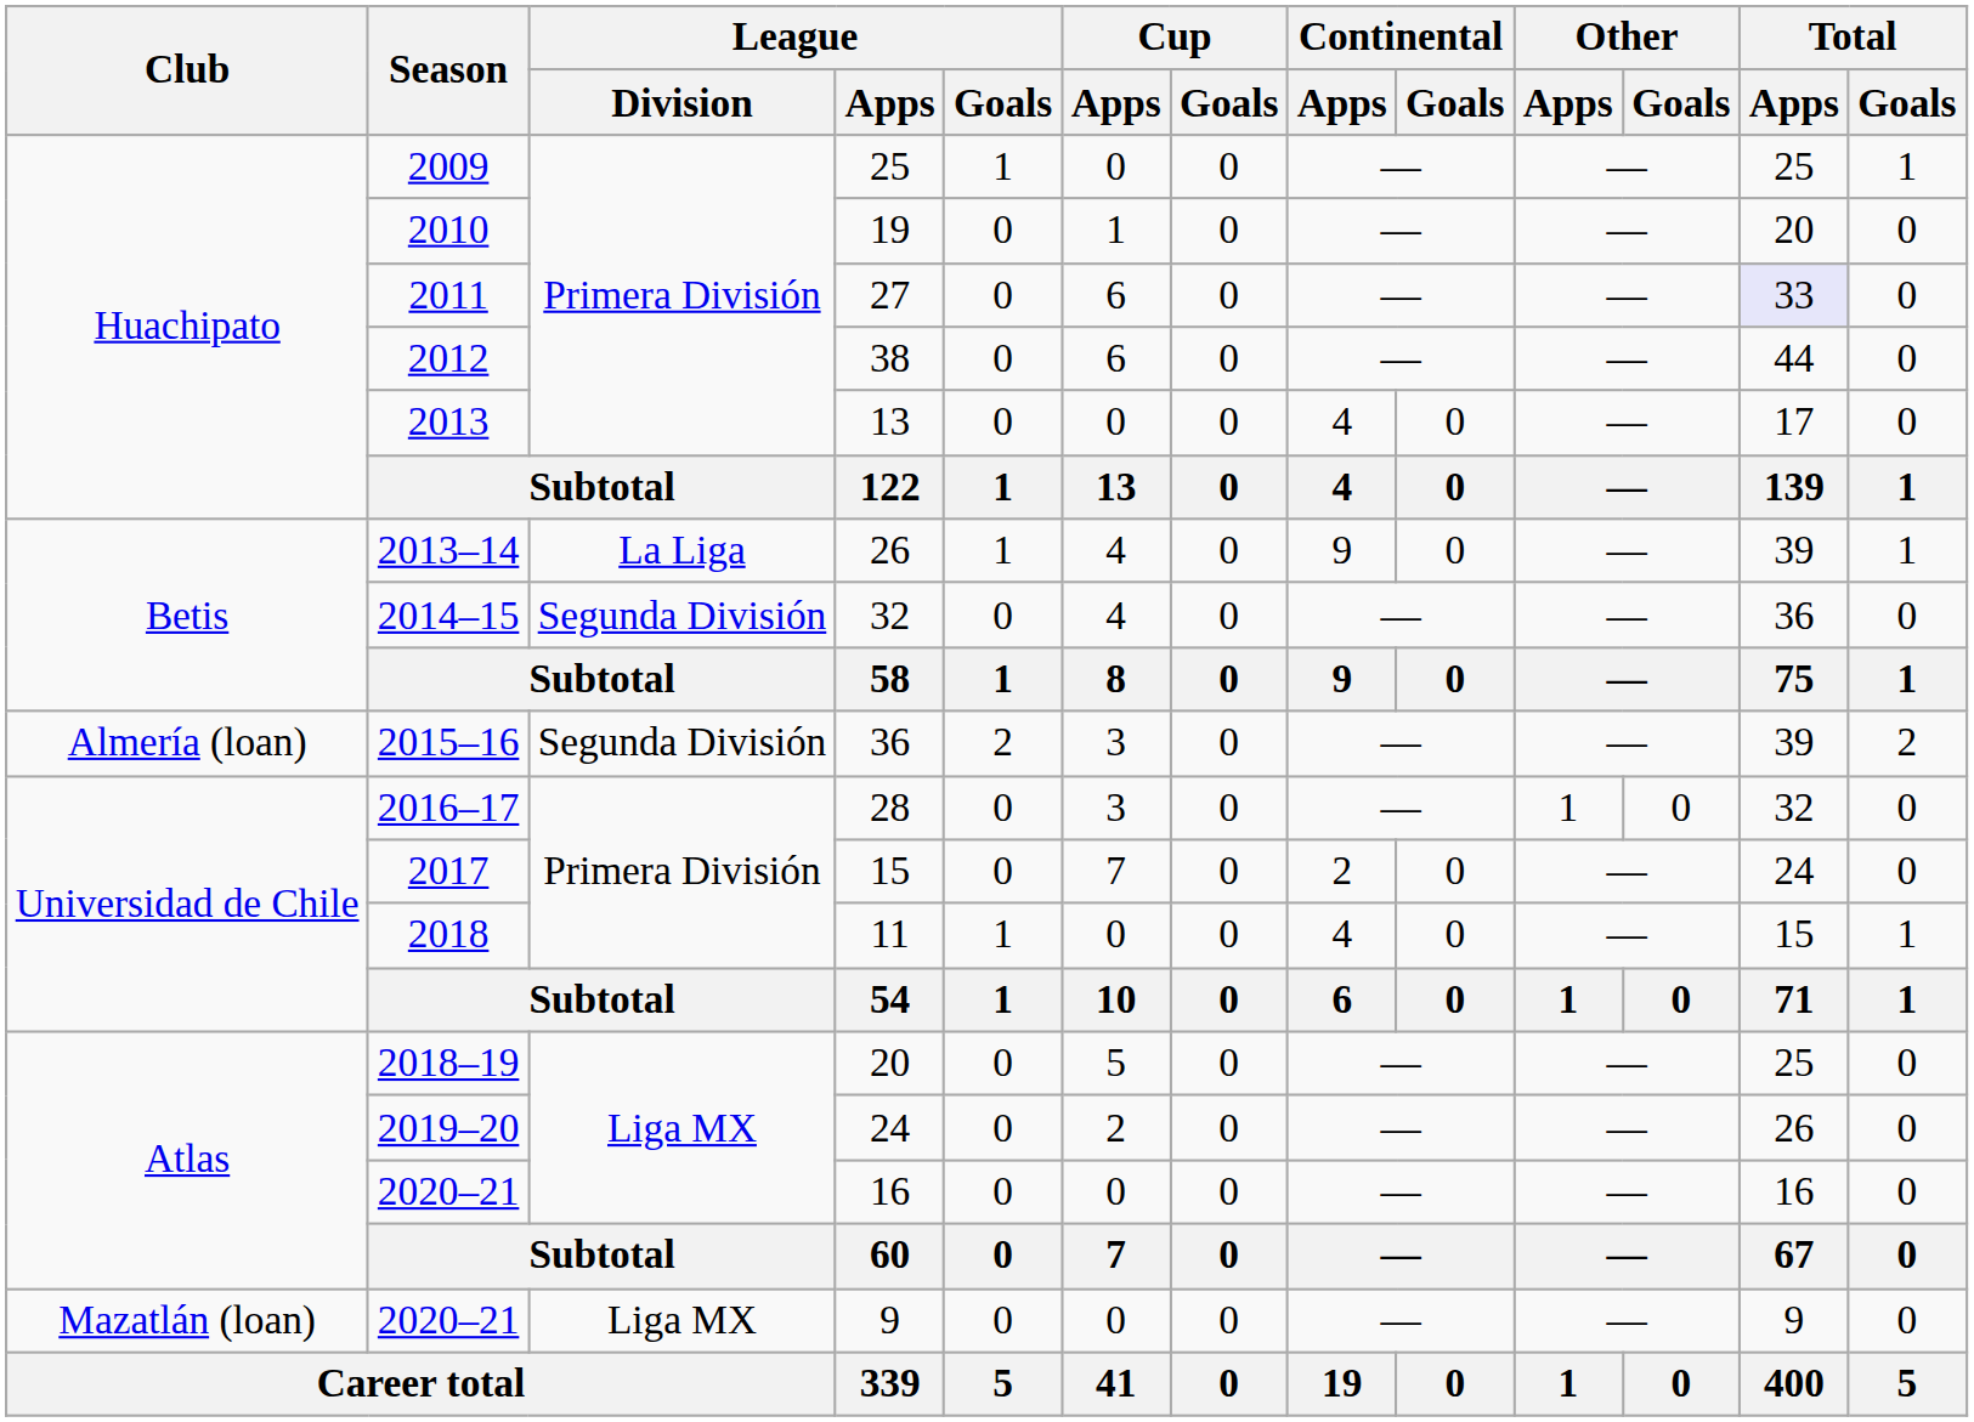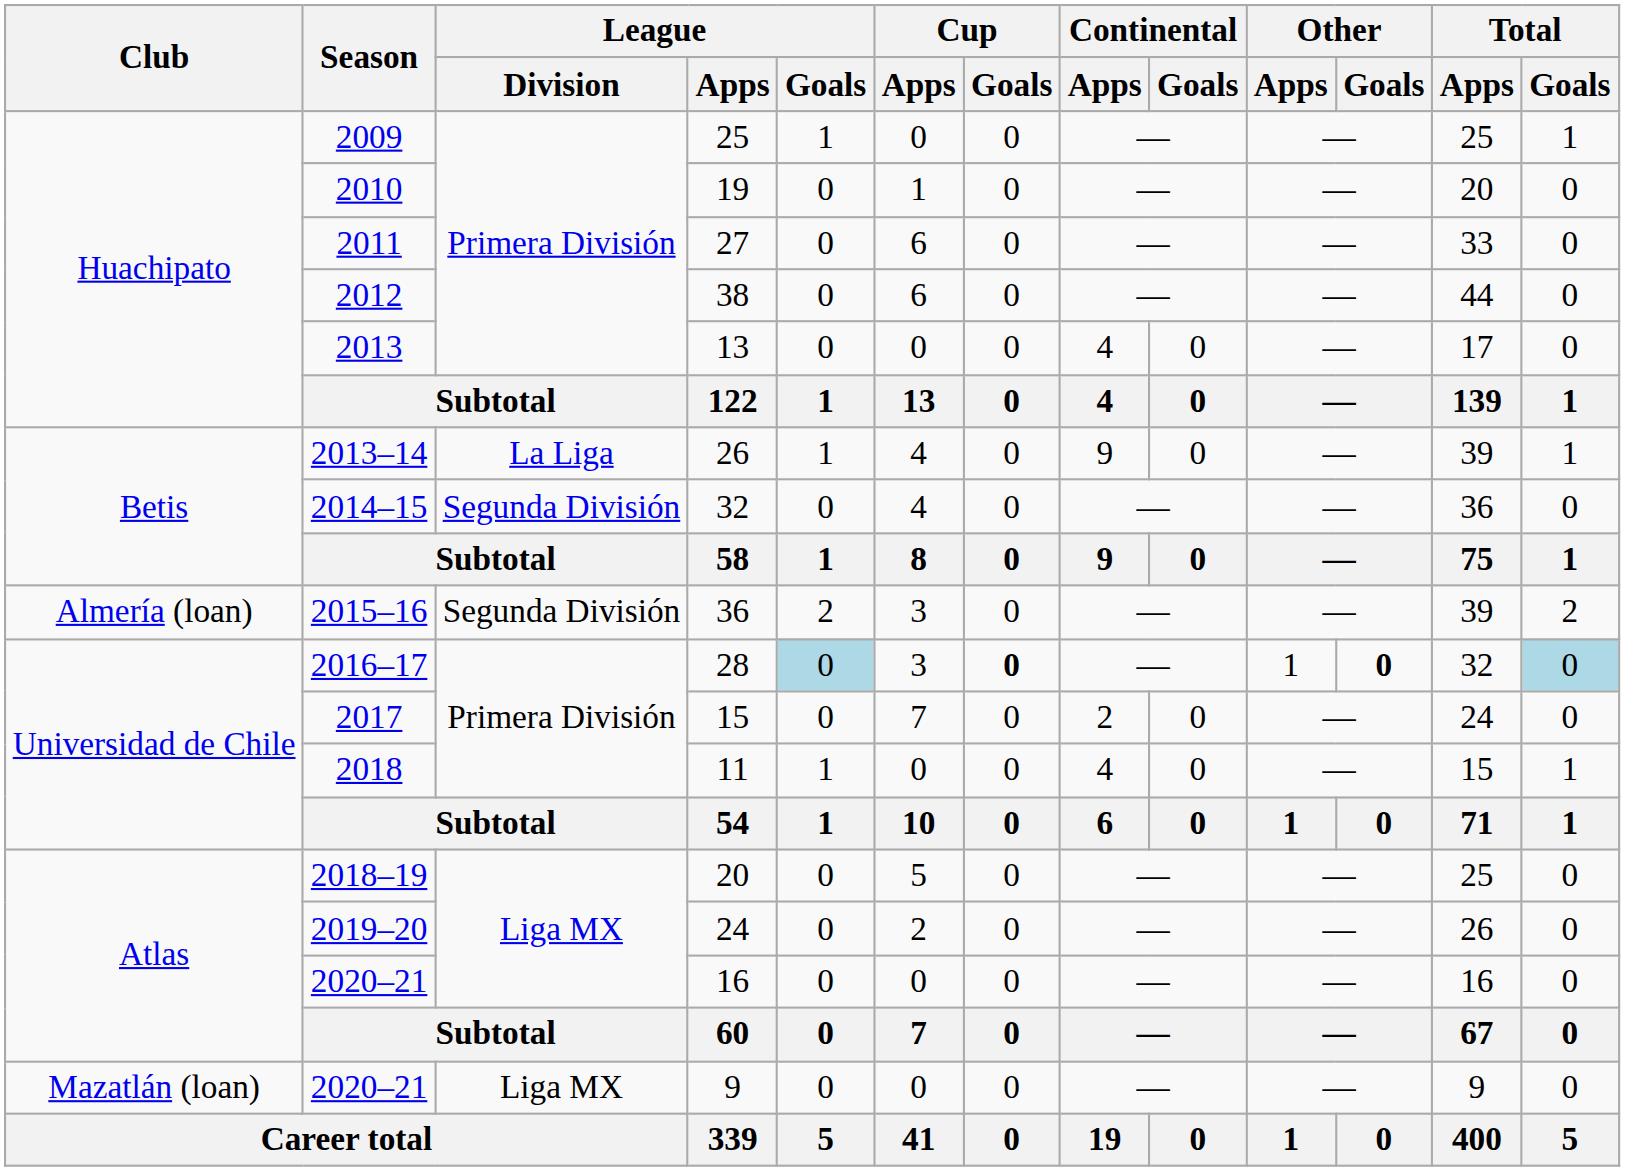 <table class="wikitable" style="text-align:center">
 <tr>
 <th rowspan="2">Club</th>
 <th rowspan="2">Season</th>
 <th colspan="3">League</th>
 <th colspan="2">Cup</th>
 <th colspan="2">Continental</th>
 <th colspan="2">Other</th>
 <th colspan="2">Total</th>
 </tr>
 <tr>
 <th>Division</th>
 <th>Apps</th>
 <th>Goals</th>
 <th>Apps</th>
 <th>Goals</th>
 <th>Apps</th>
 <th>Goals</th>
 <th>Apps</th>
 <th>Goals</th>
 <th>Apps</th>
 <th>Goals</th>
 </tr>
 <tr>
 <td rowspan="6"><a href='#'>Huachipato</a></td>
 <td><a href='#'>2009</a></td>
 <td rowspan="5"><a href='#'>Primera División</a></td>
 <td>25</td>
 <td>1</td>
 <td>0</td>
 <td>0</td>
 <td colspan="2">—</td>
 <td colspan="2">—</td>
 <td>25</td>
 <td>1</td>
 </tr>
 <tr>
 <td><a href='#'>2010</a></td>
 <td>19</td>
 <td>0</td>
 <td>1</td>
 <td>0</td>
 <td colspan="2">—</td>
 <td colspan="2">—</td>
 <td>20</td>
 <td>0</td>
 </tr>
 <tr>
 <td><a href='#'>2011</a></td>
 <td>27</td>
 <td>0</td>
 <td>6</td>
 <td>0</td>
 <td colspan="2">—</td>
 <td colspan="2">—</td>
-<td style="background: lavender;">33</td>
+<td>33</td>
 <td>0</td>
 </tr>
 <tr>
 <td><a href='#'>2012</a></td>
 <td>38</td>
 <td>0</td>
 <td>6</td>
 <td>0</td>
 <td colspan="2">—</td>
 <td colspan="2">—</td>
 <td>44</td>
 <td>0</td>
 </tr>
 <tr>
 <td><a href='#'>2013</a></td>
 <td>13</td>
 <td>0</td>
 <td>0</td>
 <td>0</td>
 <td>4</td>
 <td>0</td>
 <td colspan="2">—</td>
 <td>17</td>
 <td>0</td>
 </tr>
 <tr>
 <th colspan="2">Subtotal</th>
 <th>122</th>
 <th>1</th>
 <th>13</th>
 <th>0</th>
 <th>4</th>
 <th>0</th>
 <th colspan="2">—</th>
 <th>139</th>
 <th>1</th>
 </tr>
 <tr>
 <td rowspan="3"><a href='#'>Betis</a></td>
 <td><a href='#'>2013–14</a></td>
 <td><a href='#'>La Liga</a></td>
 <td>26</td>
 <td>1</td>
 <td>4</td>
 <td>0</td>
 <td>9</td>
 <td>0</td>
 <td colspan="2">—</td>
 <td>39</td>
 <td>1</td>
 </tr>
 <tr>
 <td><a href='#'>2014–15</a></td>
 <td><a href='#'>Segunda División</a></td>
 <td>32</td>
 <td>0</td>
 <td>4</td>
 <td>0</td>
 <td colspan="2">—</td>
 <td colspan="2">—</td>
 <td>36</td>
 <td>0</td>
 </tr>
 <tr>
 <th colspan="2">Subtotal</th>
 <th>58</th>
 <th>1</th>
 <th>8</th>
 <th>0</th>
 <th>9</th>
 <th>0</th>
 <th colspan="2">—</th>
 <th>75</th>
 <th>1</th>
 </tr>
 <tr>
 <td><a href='#'>Almería</a> (loan)</td>
 <td><a href='#'>2015–16</a></td>
 <td>Segunda División</td>
 <td>36</td>
 <td>2</td>
 <td>3</td>
 <td>0</td>
 <td colspan="2">—</td>
 <td colspan="2">—</td>
 <td>39</td>
 <td>2</td>
 </tr>
 <tr>
 <td rowspan="4"><a href='#'>Universidad de Chile</a></td>
 <td><a href='#'>2016–17</a></td>
 <td rowspan="3">Primera División</td>
 <td>28</td>
-<td>0</td>
+<td style="background: lightblue;">0</td>
 <td>3</td>
-<td>0</td>
+<td><strong>0</strong></td>
 <td colspan="2">—</td>
 <td>1</td>
-<td>0</td>
+<td><strong>0</strong></td>
 <td>32</td>
-<td>0</td>
+<td style="background: lightblue;">0</td>
 </tr>
 <tr>
 <td><a href='#'>2017</a></td>
 <td>15</td>
 <td>0</td>
 <td>7</td>
 <td>0</td>
 <td>2</td>
 <td>0</td>
 <td colspan="2">—</td>
 <td>24</td>
 <td>0</td>
 </tr>
 <tr>
 <td><a href='#'>2018</a></td>
 <td>11</td>
 <td>1</td>
 <td>0</td>
 <td>0</td>
 <td>4</td>
 <td>0</td>
 <td colspan="2">—</td>
 <td>15</td>
 <td>1</td>
 </tr>
 <tr>
 <th colspan="2">Subtotal</th>
 <th>54</th>
 <th>1</th>
 <th>10</th>
 <th>0</th>
 <th>6</th>
 <th>0</th>
 <th>1</th>
 <th>0</th>
 <th>71</th>
 <th>1</th>
 </tr>
 <tr>
 <td rowspan="4"><a href='#'>Atlas</a></td>
 <td><a href='#'>2018–19</a></td>
 <td rowspan="3"><a href='#'>Liga MX</a></td>
 <td>20</td>
 <td>0</td>
 <td>5</td>
 <td>0</td>
 <td colspan="2">—</td>
 <td colspan="2">—</td>
 <td>25</td>
 <td>0</td>
 </tr>
 <tr>
 <td><a href='#'>2019–20</a></td>
 <td>24</td>
 <td>0</td>
 <td>2</td>
 <td>0</td>
 <td colspan="2">—</td>
 <td colspan="2">—</td>
 <td>26</td>
 <td>0</td>
 </tr>
 <tr>
 <td><a href='#'>2020–21</a></td>
 <td>16</td>
 <td>0</td>
 <td>0</td>
 <td>0</td>
 <td colspan="2">—</td>
 <td colspan="2">—</td>
 <td>16</td>
 <td>0</td>
 </tr>
 <tr>
 <th colspan="2">Subtotal</th>
 <th>60</th>
 <th>0</th>
 <th>7</th>
 <th>0</th>
 <th colspan="2">—</th>
 <th colspan="2">—</th>
 <th>67</th>
 <th>0</th>
 </tr>
 <tr>
 <td><a href='#'>Mazatlán</a> (loan)</td>
 <td><a href='#'>2020–21</a></td>
 <td>Liga MX</td>
 <td>9</td>
 <td>0</td>
 <td>0</td>
 <td>0</td>
 <td colspan="2">—</td>
 <td colspan="2">—</td>
 <td>9</td>
 <td>0</td>
 </tr>
 <tr>
 <th colspan="3">Career total</th>
 <th>339</th>
 <th>5</th>
 <th>41</th>
 <th>0</th>
 <th>19</th>
 <th>0</th>
 <th>1</th>
 <th>0</th>
 <th>400</th>
 <th>5</th>
 </tr>
 </table>
